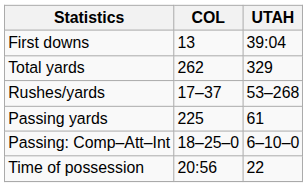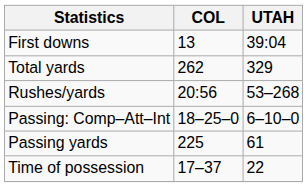 <table class="wikitable" style="float: left;">
 <tr>
 <th>Statistics</th>
 <th>COL</th>
 <th>UTAH</th>
 </tr>
 <tr>
 <td>First downs</td>
 <td>13</td>
 <td>39:04</td>
 </tr>
 <tr>
 <td>Total yards</td>
 <td>262</td>
 <td>329</td>
 </tr>
 <tr>
 <td>Rushes/yards</td>
-<td>17–37</td>
+<td>20:56</td>
 <td>53–268</td>
+</tr>
+<tr>
+<td>Passing: Comp–Att–Int</td>
+<td>18–25–0</td>
+<td>6–10–0</td>
 </tr>
 <tr>
 <td>Passing yards</td>
 <td>225</td>
 <td>61</td>
 </tr>
 <tr>
-<td>Passing: Comp–Att–Int</td>
-<td>18–25–0</td>
-<td>6–10–0</td>
-</tr>
-<tr>
 <td>Time of possession</td>
-<td>20:56</td>
+<td>17–37</td>
 <td>22</td>
 </tr>
 <tr>
 </tr>
 </table>
